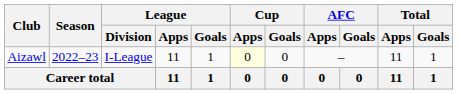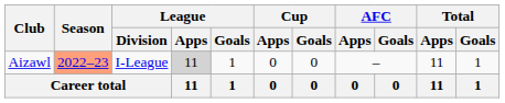 <table class="wikitable" style="text-align: center;">
 <tr>
 <th rowspan="2">Club</th>
 <th rowspan="2">Season</th>
 <th colspan="3">League</th>
 <th colspan="2">Cup</th>
 <th colspan="2"><a href='#'>AFC</a></th>
 <th colspan="2">Total</th>
 </tr>
 <tr>
 <th>Division</th>
 <th>Apps</th>
 <th>Goals</th>
 <th>Apps</th>
 <th>Goals</th>
 <th>Apps</th>
 <th>Goals</th>
 <th>Apps</th>
 <th>Goals</th>
 </tr>
 <tr>
 <td rowspan="1"><a href='#'>Aizawl</a></td>
-<td><a href='#'>2022–23</a></td>
+<td style="background: lightsalmon;"><a href='#'>2022–23</a></td>
 <td rowspan="1"><a href='#'>I-League</a></td>
-<td>11</td>
+<td style="background: lightgrey;">11</td>
 <td>1</td>
-<td style="background: lightyellow;">0</td>
+<td>0</td>
 <td>0</td>
 <td colspan="2">–</td>
 <td>11</td>
 <td>1</td>
 </tr>
 <tr>
 <th colspan="3">Career total</th>
 <th>11</th>
 <th>1</th>
 <th>0</th>
 <th>0</th>
 <th>0</th>
 <th>0</th>
 <th>11</th>
 <th>1</th>
 </tr>
 </table>
